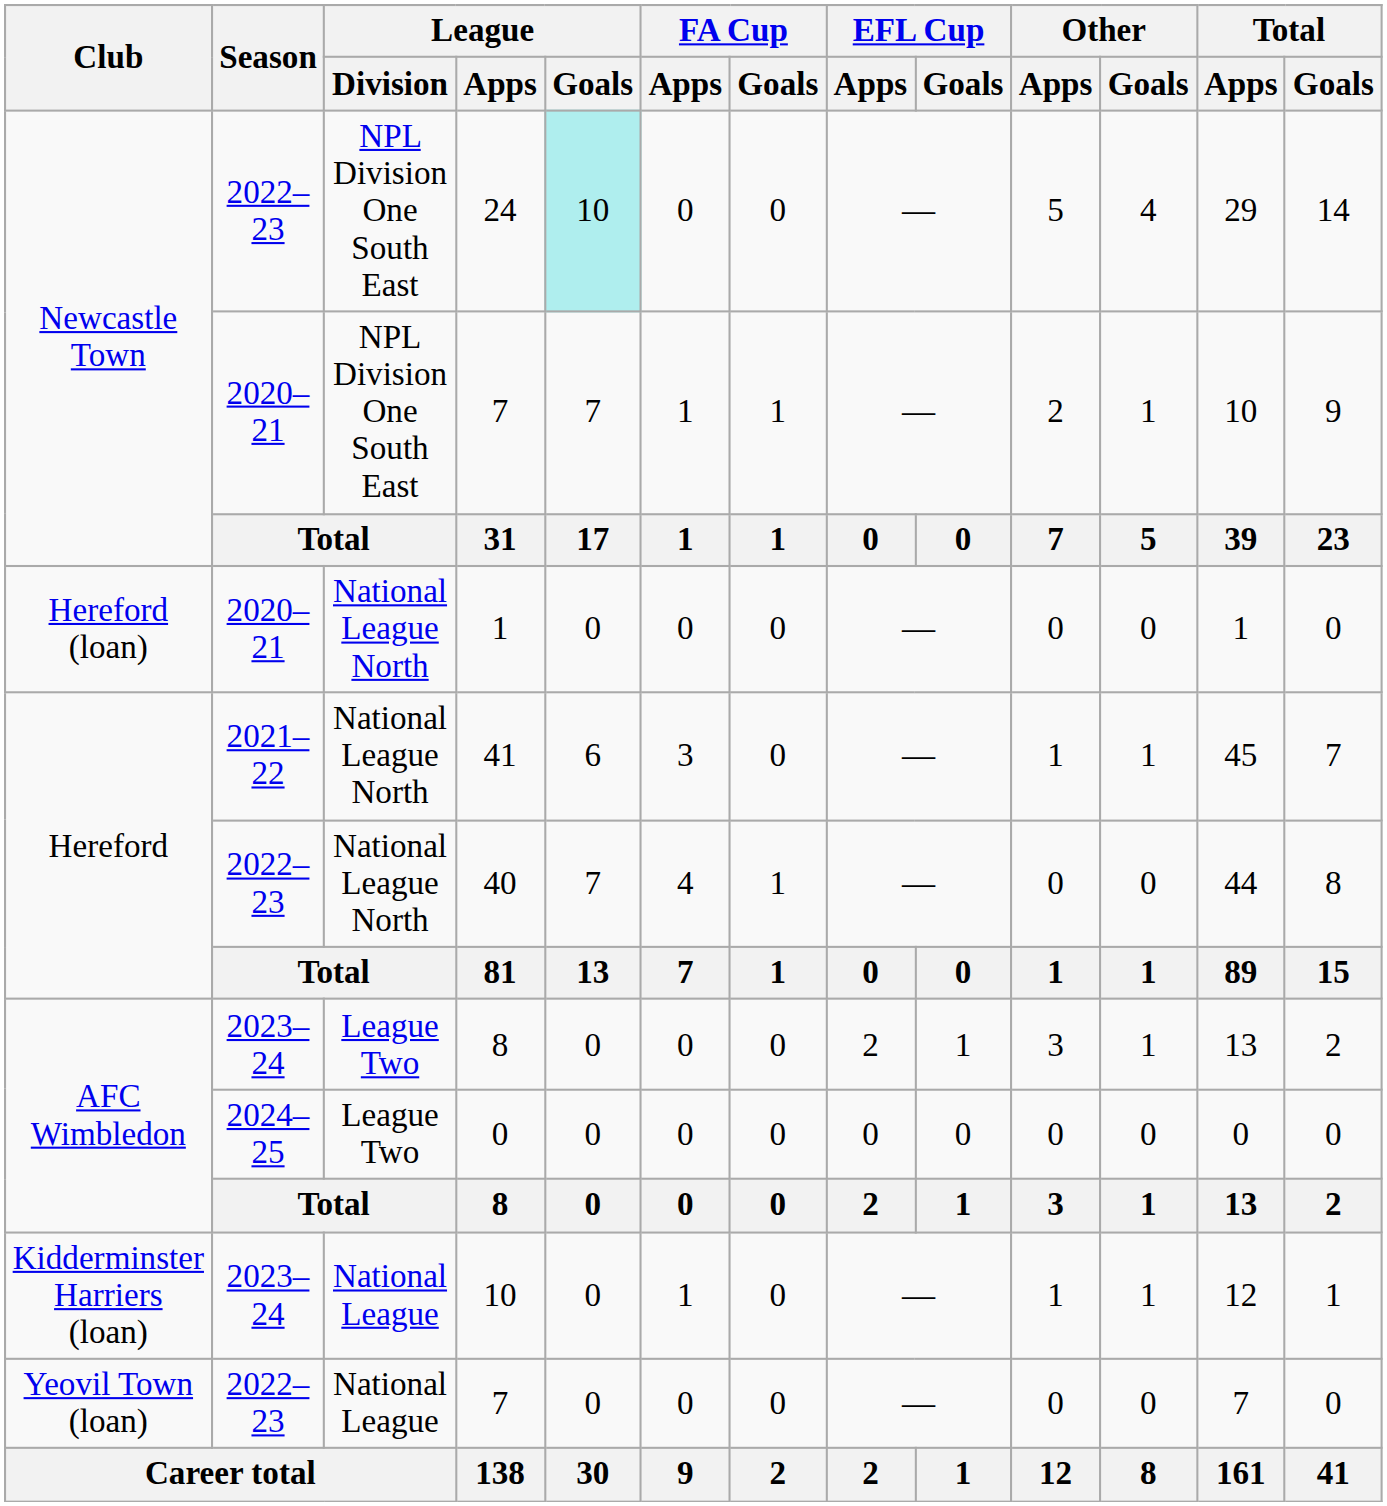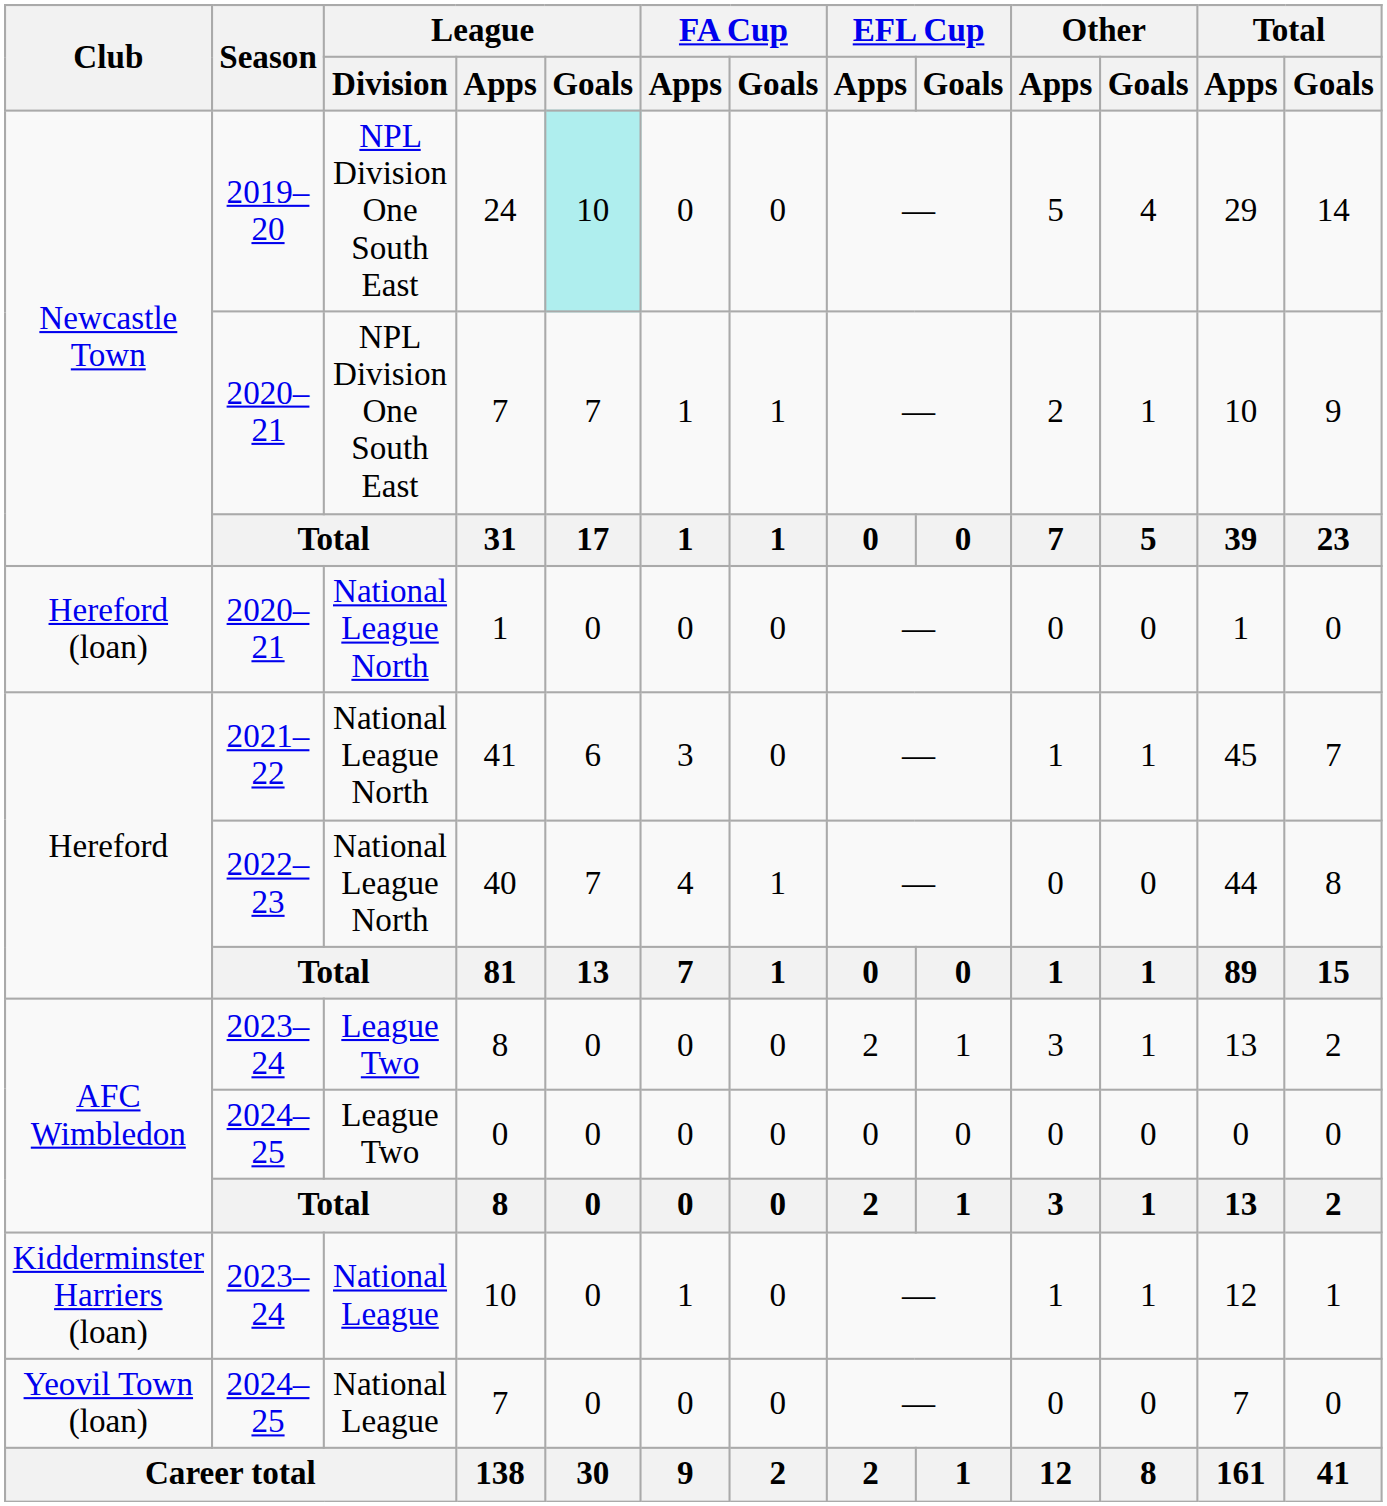 <table class="wikitable" style="text-align:center">
 <tr>
 <th rowspan="2">Club</th>
 <th rowspan="2">Season</th>
 <th colspan="3">League</th>
 <th colspan="2"><a href='#'>FA Cup</a></th>
 <th colspan="2"><a href='#'>EFL Cup</a></th>
 <th colspan="2">Other</th>
 <th colspan="2">Total</th>
 </tr>
 <tr>
 <th>Division</th>
 <th>Apps</th>
 <th>Goals</th>
 <th>Apps</th>
 <th>Goals</th>
 <th>Apps</th>
 <th>Goals</th>
 <th>Apps</th>
 <th>Goals</th>
 <th>Apps</th>
 <th>Goals</th>
 </tr>
 <tr>
 <td rowspan="3"><a href='#'>Newcastle Town</a></td>
-<td><a href='#'>2022–23</a></td>
+<td><a href='#'>2019–20</a></td>
 <td><a href='#'>NPL</a> Division One South East</td>
 <td>24</td>
 <td style="background: paleturquoise;">10</td>
 <td>0</td>
 <td>0</td>
 <td colspan="2">—</td>
 <td>5</td>
 <td>4</td>
 <td>29</td>
 <td>14</td>
 </tr>
 <tr>
 <td><a href='#'>2020–21</a></td>
 <td>NPL Division One South East</td>
 <td>7</td>
 <td>7</td>
 <td>1</td>
 <td>1</td>
 <td colspan="2">—</td>
 <td>2</td>
 <td>1</td>
 <td>10</td>
 <td>9</td>
 </tr>
 <tr>
 <th colspan="2">Total</th>
 <th>31</th>
 <th>17</th>
 <th>1</th>
 <th>1</th>
 <th>0</th>
 <th>0</th>
 <th>7</th>
 <th>5</th>
 <th>39</th>
 <th>23</th>
 </tr>
 <tr>
 <td><a href='#'>Hereford</a> (loan)</td>
 <td><a href='#'>2020–21</a></td>
 <td><a href='#'>National League North</a></td>
 <td>1</td>
 <td>0</td>
 <td>0</td>
 <td>0</td>
 <td colspan="2">—</td>
 <td>0</td>
 <td>0</td>
 <td>1</td>
 <td>0</td>
 </tr>
 <tr>
 <td rowspan="3">Hereford</td>
 <td><a href='#'>2021–22</a></td>
 <td>National League North</td>
 <td>41</td>
 <td>6</td>
 <td>3</td>
 <td>0</td>
 <td colspan="2">—</td>
 <td>1</td>
 <td>1</td>
 <td>45</td>
 <td>7</td>
 </tr>
 <tr>
 <td><a href='#'>2022–23</a></td>
 <td>National League North</td>
 <td>40</td>
 <td>7</td>
 <td>4</td>
 <td>1</td>
 <td colspan="2">—</td>
 <td>0</td>
 <td>0</td>
 <td>44</td>
 <td>8</td>
 </tr>
 <tr>
 <th colspan="2">Total</th>
 <th>81</th>
 <th>13</th>
 <th>7</th>
 <th>1</th>
 <th>0</th>
 <th>0</th>
 <th>1</th>
 <th>1</th>
 <th>89</th>
 <th>15</th>
 </tr>
 <tr>
 <td rowspan="3"><a href='#'>AFC Wimbledon</a></td>
 <td><a href='#'>2023–24</a></td>
 <td><a href='#'>League Two</a></td>
 <td>8</td>
 <td>0</td>
 <td>0</td>
 <td>0</td>
 <td>2</td>
 <td>1</td>
 <td>3</td>
 <td>1</td>
 <td>13</td>
 <td>2</td>
 </tr>
 <tr>
 <td><a href='#'>2024–25</a></td>
 <td>League Two</td>
 <td>0</td>
 <td>0</td>
 <td>0</td>
 <td>0</td>
 <td>0</td>
 <td>0</td>
 <td>0</td>
 <td>0</td>
 <td>0</td>
 <td>0</td>
 </tr>
 <tr>
 <th colspan="2">Total</th>
 <th>8</th>
 <th>0</th>
 <th>0</th>
 <th>0</th>
 <th>2</th>
 <th>1</th>
 <th>3</th>
 <th>1</th>
 <th>13</th>
 <th>2</th>
 </tr>
 <tr>
 <td><a href='#'>Kidderminster Harriers</a> (loan)</td>
 <td><a href='#'>2023–24</a></td>
 <td><a href='#'>National League</a></td>
 <td>10</td>
 <td>0</td>
 <td>1</td>
 <td>0</td>
 <td colspan="2">—</td>
 <td>1</td>
 <td>1</td>
 <td>12</td>
 <td>1</td>
 </tr>
 <tr>
 <td><a href='#'>Yeovil Town</a> (loan)</td>
-<td><a href='#'>2022–23</a></td>
+<td><a href='#'>2024–25</a></td>
 <td>National League</td>
 <td>7</td>
 <td>0</td>
 <td>0</td>
 <td>0</td>
 <td colspan="2">—</td>
 <td>0</td>
 <td>0</td>
 <td>7</td>
 <td>0</td>
 </tr>
 <tr>
 <th colspan="3">Career total</th>
 <th>138</th>
 <th>30</th>
 <th>9</th>
 <th>2</th>
 <th>2</th>
 <th>1</th>
 <th>12</th>
 <th>8</th>
 <th>161</th>
 <th>41</th>
 </tr>
 </table>
